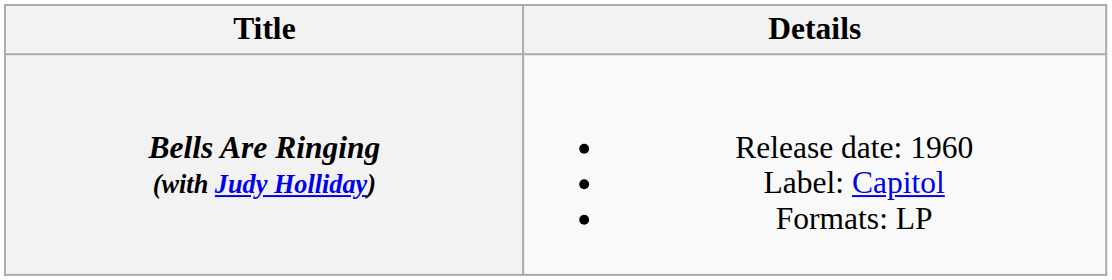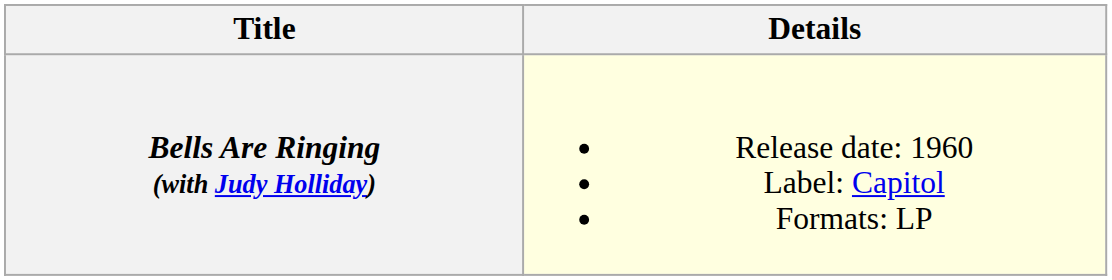 <table class="wikitable plainrowheaders" style="text-align:center;">
 <tr>
 <th scope="col" style="width:16em;">Title</th>
 <th scope="col" style="width:18em;">Details</th>
 </tr>
 <tr>
 <th scope="row"><strong><em>Bells Are Ringing<em> <br><strong><small>(with <a href='#'>Judy Holliday</a>)</small></th>
-<td><br><ul><li>Release date: 1960</li><li>Label: <a href='#'>Capitol</a></li><li>Formats: LP</li></ul></td>
+<td style="background: lightyellow;"><br><ul><li>Release date: 1960</li><li>Label: <a href='#'>Capitol</a></li><li>Formats: LP</li></ul></td>
 </tr>
 </table>
